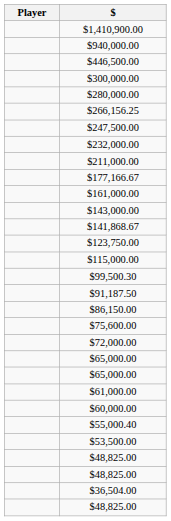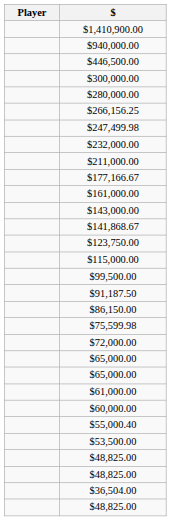 <table class="wikitable sortable" style="text-align:center; width:250px;">
 <tr>
 <th>Player</th>
 <th>$</th>
 </tr>
 <tr>
 <td style="text-align:left;"></td>
 <td>$1,410,900.00</td>
 </tr>
 <tr>
 <td style="text-align:left;"></td>
 <td>$940,000.00</td>
 </tr>
 <tr>
 <td style="text-align:left;"></td>
 <td>$446,500.00</td>
 </tr>
 <tr>
 <td style="text-align:left;"></td>
 <td>$300,000.00</td>
 </tr>
 <tr>
 <td style="text-align:left;"></td>
 <td>$280,000.00</td>
 </tr>
 <tr>
 <td style="text-align:left;"></td>
 <td>$266,156.25</td>
 </tr>
 <tr>
 <td style="text-align:left;"></td>
-<td>$247,500.00</td>
+<td>$247,499.98</td>
 </tr>
 <tr>
 <td style="text-align:left;"></td>
 <td>$232,000.00</td>
 </tr>
 <tr>
 <td style="text-align:left;"></td>
 <td>$211,000.00</td>
 </tr>
 <tr>
 <td style="text-align:left;"></td>
 <td>$177,166.67</td>
 </tr>
 <tr>
 <td style="text-align:left;"></td>
 <td>$161,000.00</td>
 </tr>
 <tr>
 <td style="text-align:left;"></td>
 <td>$143,000.00</td>
 </tr>
 <tr>
 <td style="text-align:left;"></td>
 <td>$141,868.67</td>
 </tr>
 <tr>
 <td style="text-align:left;"></td>
 <td>$123,750.00</td>
 </tr>
 <tr>
 <td style="text-align:left;"></td>
 <td>$115,000.00</td>
 </tr>
 <tr>
 <td style="text-align:left;"></td>
-<td>$99,500.30</td>
+<td>$99,500.00</td>
 </tr>
 <tr>
 <td style="text-align:left;"></td>
 <td>$91,187.50</td>
 </tr>
 <tr>
 <td style="text-align:left;"></td>
 <td>$86,150.00</td>
 </tr>
 <tr>
 <td style="text-align:left;"></td>
-<td>$75,600.00</td>
+<td>$75,599.98</td>
 </tr>
 <tr>
 <td style="text-align:left;"></td>
 <td>$72,000.00</td>
 </tr>
 <tr>
 <td style="text-align:left;"></td>
 <td>$65,000.00</td>
 </tr>
 <tr>
 <td style="text-align:left;"></td>
 <td>$65,000.00</td>
 </tr>
 <tr>
 <td style="text-align:left;"></td>
 <td>$61,000.00</td>
 </tr>
 <tr>
 <td style="text-align:left;"></td>
 <td>$60,000.00</td>
 </tr>
 <tr>
 <td style="text-align:left;"></td>
 <td>$55,000.40</td>
 </tr>
 <tr>
 <td style="text-align:left;"></td>
 <td>$53,500.00</td>
 </tr>
 <tr>
 <td style="text-align:left;"></td>
 <td>$48,825.00</td>
 </tr>
 <tr>
 <td style="text-align:left;"></td>
 <td>$48,825.00</td>
 </tr>
 <tr>
 <td style="text-align:left;"></td>
 <td>$36,504.00</td>
 </tr>
 <tr>
 <td style="text-align:left;"></td>
 <td>$48,825.00</td>
 </tr>
 </table>
